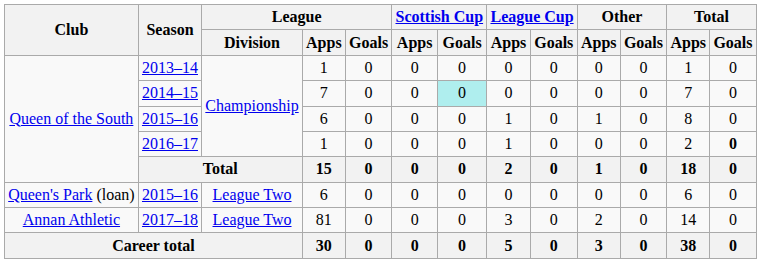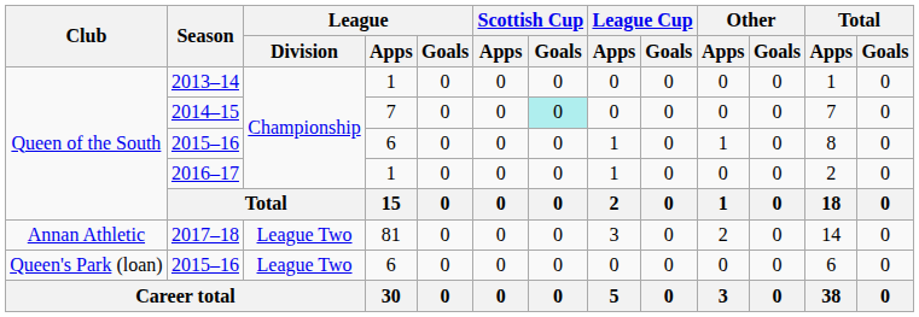 <table class="wikitable" style="text-align:center">
 <tr>
 <th rowspan="2">Club</th>
 <th rowspan="2">Season</th>
 <th colspan="3">League</th>
 <th colspan="2"><a href='#'>Scottish Cup</a></th>
 <th colspan="2"><a href='#'>League Cup</a></th>
 <th colspan="2">Other</th>
 <th colspan="2">Total</th>
 </tr>
 <tr>
 <th>Division</th>
 <th>Apps</th>
 <th>Goals</th>
 <th>Apps</th>
 <th>Goals</th>
 <th>Apps</th>
 <th>Goals</th>
 <th>Apps</th>
 <th>Goals</th>
 <th>Apps</th>
 <th>Goals</th>
 </tr>
 <tr>
 <td rowspan="5"><a href='#'>Queen of the South</a></td>
 <td><a href='#'>2013–14</a></td>
 <td rowspan="4"><a href='#'>Championship</a></td>
 <td>1</td>
 <td>0</td>
 <td>0</td>
 <td>0</td>
 <td>0</td>
 <td>0</td>
 <td>0</td>
 <td>0</td>
 <td>1</td>
 <td>0</td>
 </tr>
 <tr>
 <td><a href='#'>2014–15</a></td>
 <td>7</td>
 <td>0</td>
 <td>0</td>
 <td style="background: paleturquoise;">0</td>
 <td>0</td>
 <td>0</td>
 <td>0</td>
 <td>0</td>
 <td>7</td>
 <td>0</td>
 </tr>
 <tr>
 <td><a href='#'>2015–16</a></td>
 <td>6</td>
 <td>0</td>
 <td>0</td>
 <td>0</td>
 <td>1</td>
 <td>0</td>
 <td>1</td>
 <td>0</td>
 <td>8</td>
 <td>0</td>
 </tr>
 <tr>
 <td><a href='#'>2016–17</a></td>
 <td>1</td>
 <td>0</td>
 <td>0</td>
 <td>0</td>
 <td>1</td>
 <td>0</td>
 <td>0</td>
 <td>0</td>
 <td>2</td>
-<td><strong>0</strong></td>
+<td>0</td>
 </tr>
 <tr>
 <th colspan="2">Total</th>
 <th>15</th>
 <th>0</th>
 <th>0</th>
 <th>0</th>
 <th>2</th>
 <th>0</th>
 <th>1</th>
 <th>0</th>
 <th>18</th>
 <th>0</th>
+</tr>
+<tr>
+<td><a href='#'>Annan Athletic</a></td>
+<td><a href='#'>2017–18</a></td>
+<td><a href='#'>League Two</a></td>
+<td>81</td>
+<td>0</td>
+<td>0</td>
+<td>0</td>
+<td>3</td>
+<td>0</td>
+<td>2</td>
+<td>0</td>
+<td>14</td>
+<td>0</td>
 </tr>
 <tr>
 <td><a href='#'>Queen's Park</a> (loan)</td>
 <td><a href='#'>2015–16</a></td>
 <td><a href='#'>League Two</a></td>
 <td>6</td>
 <td>0</td>
 <td>0</td>
 <td>0</td>
 <td>0</td>
 <td>0</td>
 <td>0</td>
 <td>0</td>
 <td>6</td>
 <td>0</td>
 </tr>
 <tr>
-<td><a href='#'>Annan Athletic</a></td>
-<td><a href='#'>2017–18</a></td>
-<td><a href='#'>League Two</a></td>
-<td>81</td>
-<td>0</td>
-<td>0</td>
-<td>0</td>
-<td>3</td>
-<td>0</td>
-<td>2</td>
-<td>0</td>
-<td>14</td>
-<td>0</td>
-</tr>
-<tr>
 <th colspan="3">Career total</th>
 <th>30</th>
 <th>0</th>
 <th>0</th>
 <th>0</th>
 <th>5</th>
 <th>0</th>
 <th>3</th>
 <th>0</th>
 <th>38</th>
 <th>0</th>
 </tr>
 </table>
